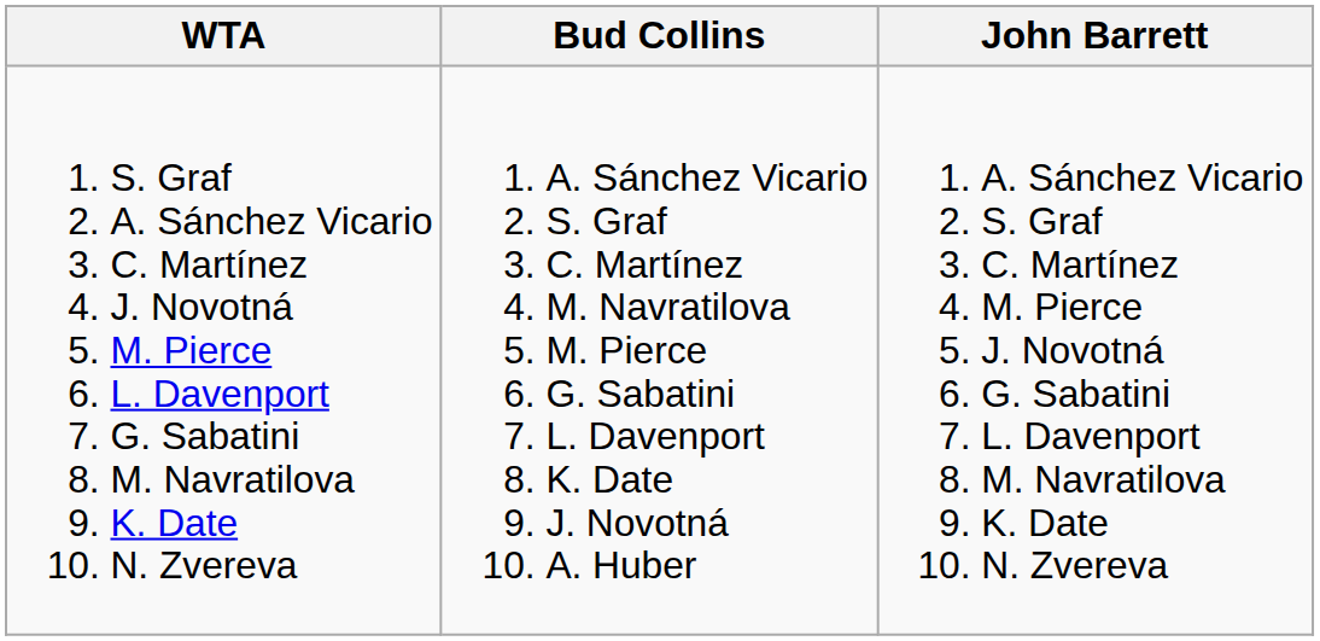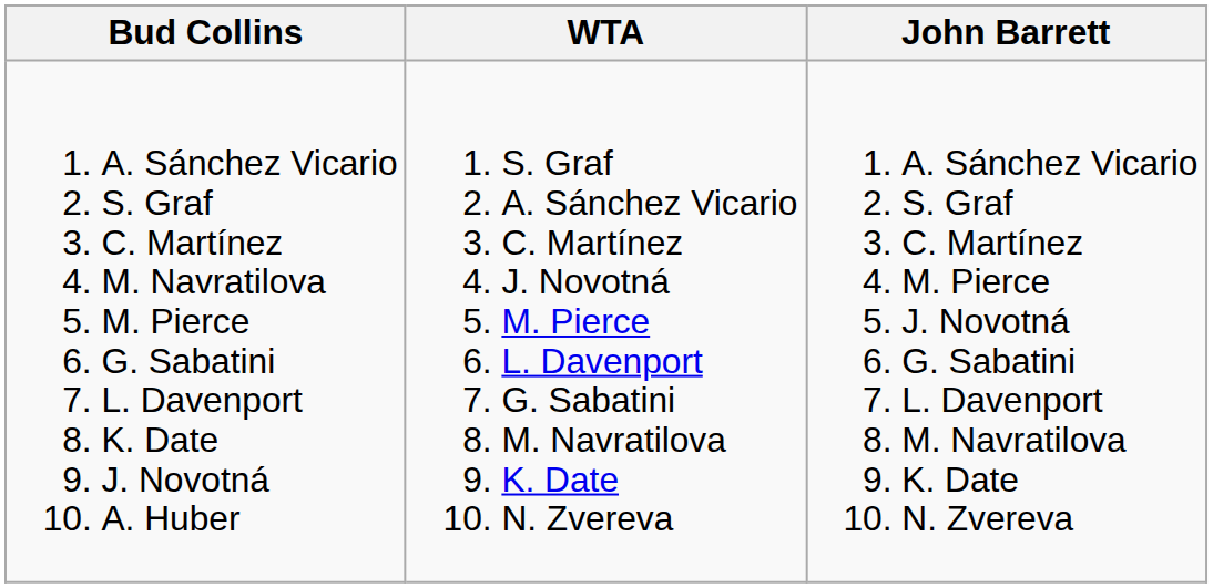 <table class="wikitable">
 <tr>
+<th>Bud Collins</th>
 <th>WTA</th>
-<th>Bud Collins</th>
 <th>John Barrett</th>
 </tr>
 <tr style="vertical-align: top;">
+<td style="white-space: nowrap;"><br><ol><li> A. Sánchez Vicario</li><li> S. Graf</li><li> C. Martínez</li><li> M. Navratilova</li><li> M. Pierce</li><li> G. Sabatini</li><li> L. Davenport</li><li> K. Date</li><li> J. Novotná</li><li> A. Huber</li></ol></td>
 <td style="white-space: nowrap;"><br><ol><li> S. Graf</li><li> A. Sánchez Vicario</li><li> C. Martínez</li><li> J. Novotná</li><li> <a href='#'>M. Pierce</a></li><li> <a href='#'>L. Davenport</a></li><li> G. Sabatini</li><li> M. Navratilova</li><li> <a href='#'>K. Date</a></li><li> N. Zvereva</li></ol></td>
-<td style="white-space: nowrap;"><br><ol><li> A. Sánchez Vicario</li><li> S. Graf</li><li> C. Martínez</li><li> M. Navratilova</li><li> M. Pierce</li><li> G. Sabatini</li><li> L. Davenport</li><li> K. Date</li><li> J. Novotná</li><li> A. Huber</li></ol></td>
 <td style="white-space: nowrap;"><br><ol><li> A. Sánchez Vicario</li><li> S. Graf</li><li> C. Martínez</li><li> M. Pierce</li><li> J. Novotná</li><li> G. Sabatini</li><li> L. Davenport</li><li> M. Navratilova</li><li> K. Date</li><li> N. Zvereva</li></ol></td>
 </tr>
 </table>
